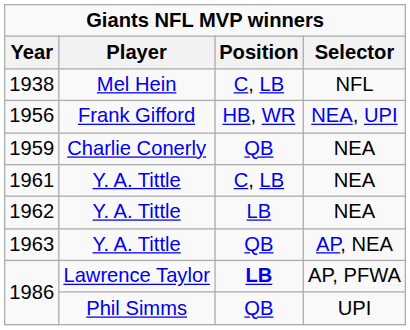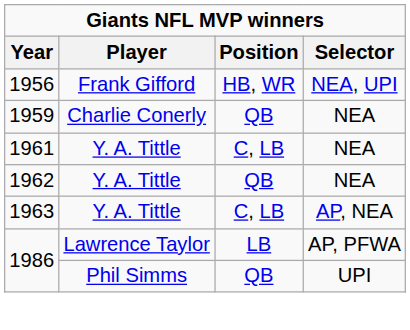 <table class="wikitable" style="text-align:center">
 <tr>
 <td align="center" colspan="4"><strong>Giants NFL MVP winners</strong></td>
 </tr>
 <tr>
 <th>Year</th>
 <th>Player</th>
 <th>Position</th>
 <th>Selector</th>
-</tr>
-<tr>
-<td>1938</td>
-<td><a href='#'>Mel Hein</a></td>
-<td><a href='#'>C</a>, <a href='#'>LB</a></td>
-<td>NFL</td>
 </tr>
 <tr>
 <td>1956</td>
 <td><a href='#'>Frank Gifford</a></td>
 <td><a href='#'>HB</a>, <a href='#'>WR</a></td>
 <td><a href='#'>NEA</a>, <a href='#'>UPI</a></td>
 </tr>
 <tr>
 <td>1959</td>
 <td><a href='#'>Charlie Conerly</a></td>
 <td><a href='#'>QB</a></td>
 <td>NEA</td>
 </tr>
 <tr>
 <td>1961</td>
 <td><a href='#'>Y. A. Tittle</a></td>
 <td><a href='#'>C</a>, <a href='#'>LB</a></td>
 <td>NEA</td>
 </tr>
 <tr>
 <td>1962</td>
 <td><a href='#'>Y. A. Tittle</a></td>
-<td><a href='#'>LB</a></td>
+<td><a href='#'>QB</a></td>
 <td>NEA</td>
 </tr>
 <tr>
 <td>1963</td>
 <td><a href='#'>Y. A. Tittle</a></td>
-<td><a href='#'>QB</a></td>
+<td><a href='#'>C</a>, <a href='#'>LB</a></td>
 <td><a href='#'>AP</a>, NEA</td>
 </tr>
 <tr>
 <td rowspan=2>1986</td>
 <td><a href='#'>Lawrence Taylor</a></td>
-<td><strong><a href='#'>LB</a></strong></td>
+<td><a href='#'>LB</a></td>
 <td>AP, PFWA</td>
 </tr>
 <tr>
 <td><a href='#'>Phil Simms</a></td>
 <td><a href='#'>QB</a></td>
 <td>UPI</td>
 </tr>
 </table>
